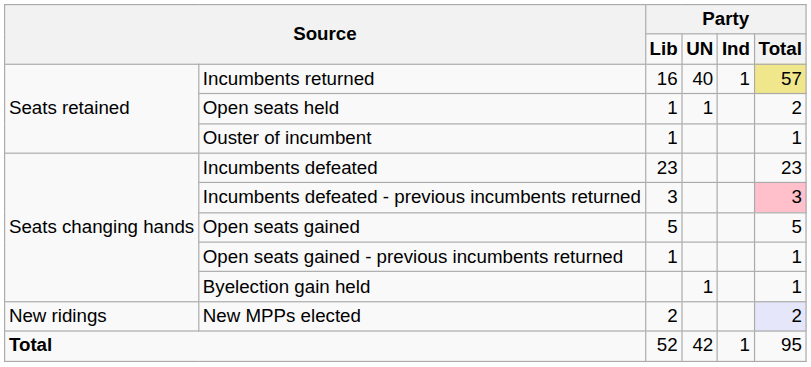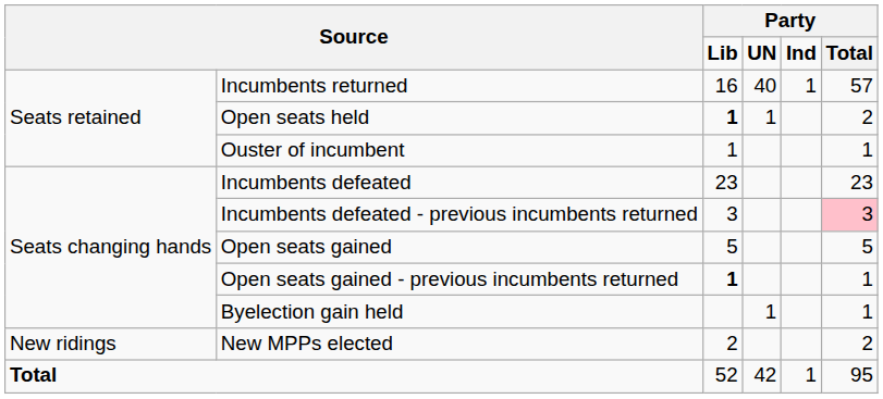 <table class="wikitable" style="text-align:right;">
 <tr>
 <th colspan="2" rowspan="2">Source</th>
 <th colspan="4">Party</th>
 </tr>
 <tr>
 <td><strong>Lib</strong></td>
 <td><strong>UN</strong></td>
 <td><strong>Ind</strong></td>
 <th>Total</th>
 </tr>
 <tr>
 <td rowspan="3" style="text-align:left;">Seats retained</td>
 <td style="text-align:left;">Incumbents returned</td>
 <td>16</td>
 <td>40</td>
 <td>1</td>
-<td style="background: khaki;">57</td>
+<td>57</td>
 </tr>
 <tr>
 <td style="text-align:left;">Open seats held</td>
-<td>1</td>
+<td><strong>1</strong></td>
 <td>1</td>
 <td></td>
 <td>2</td>
 </tr>
 <tr>
 <td style="text-align:left;">Ouster of incumbent</td>
 <td>1</td>
 <td></td>
 <td></td>
 <td>1</td>
 </tr>
 <tr>
 <td rowspan="5" style="text-align:left;">Seats changing hands</td>
 <td style="text-align:left;">Incumbents defeated</td>
 <td>23</td>
 <td></td>
 <td></td>
 <td>23</td>
 </tr>
 <tr>
 <td style="text-align:left;">Incumbents defeated - previous incumbents returned</td>
 <td>3</td>
 <td></td>
 <td></td>
 <td style="background: pink;">3</td>
 </tr>
 <tr>
 <td style="text-align:left;">Open seats gained</td>
 <td>5</td>
 <td></td>
 <td></td>
 <td>5</td>
 </tr>
 <tr>
 <td style="text-align:left;">Open seats gained - previous incumbents returned</td>
-<td>1</td>
+<td><strong>1</strong></td>
 <td></td>
 <td></td>
 <td>1</td>
 </tr>
 <tr>
 <td style="text-align:left;">Byelection gain held</td>
 <td></td>
 <td>1</td>
 <td></td>
 <td>1</td>
 </tr>
 <tr>
 <td style="text-align:left;">New ridings</td>
 <td style="text-align:left;">New MPPs elected</td>
 <td>2</td>
 <td></td>
 <td></td>
-<td style="background: lavender;">2</td>
+<td>2</td>
 </tr>
 <tr>
 <td colspan="2" style="text-align:left;"><strong>Total</strong></td>
 <td>52</td>
 <td>42</td>
 <td>1</td>
 <td>95</td>
 </tr>
 </table>
